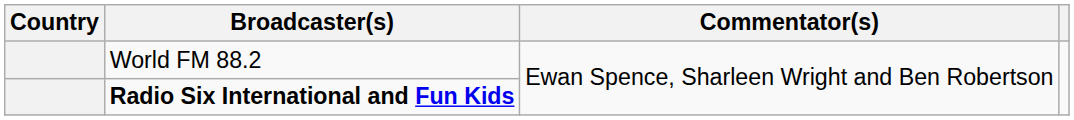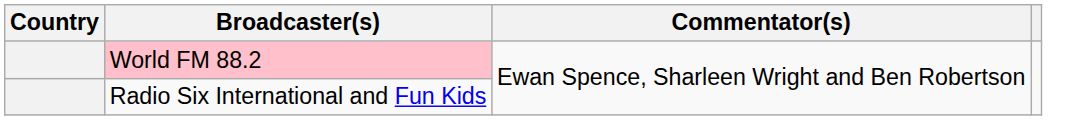 <table class="wikitable plainrowheaders">
 <tr>
 <th scope="col">Country</th>
 <th scope="col">Broadcaster(s)</th>
 <th scope="col">Commentator(s)</th>
 <th scope="col"></th>
 </tr>
 <tr>
 <th scope="row"></th>
-<td>World FM 88.2</td>
+<td style="background: pink;">World FM 88.2</td>
 <td rowspan="2">Ewan Spence, Sharleen Wright and Ben Robertson</td>
 <td rowspan="2"></td>
 </tr>
 <tr>
 <th scope="row"></th>
-<td><strong>Radio Six International and <a href='#'>Fun Kids</a></strong></td>
+<td>Radio Six International and <a href='#'>Fun Kids</a></td>
 </tr>
 </table>
